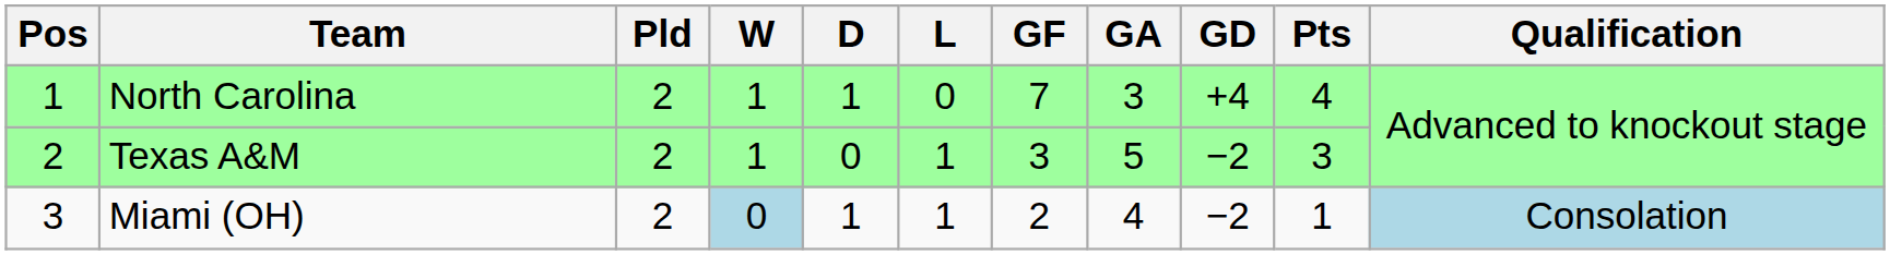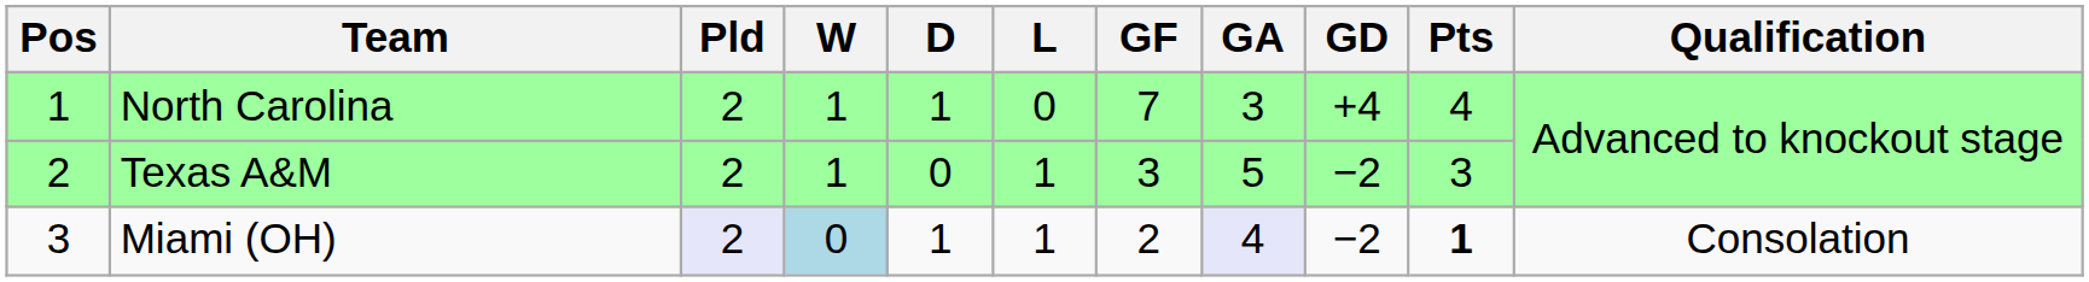 <table class="wikitable" style="text-align:center; margin: 1em auto">
 <tr>
 <th style="width:2em">Pos</th>
 <th style="width:13em">Team</th>
 <th style="width:2em">Pld</th>
 <th style="width:2em">W</th>
 <th style="width:2em">D</th>
 <th style="width:2em">L</th>
 <th style="width:2em">GF</th>
 <th style="width:2em">GA</th>
 <th style="width:2em">GD</th>
 <th style="width:2em">Pts</th>
 <th style="width:13em">Qualification</th>
 </tr>
 <tr bgcolor="#9eff9e">
 <td>1</td>
 <td style="text-align:left">North Carolina</td>
 <td>2</td>
 <td>1</td>
 <td>1</td>
 <td>0</td>
 <td>7</td>
 <td>3</td>
 <td>+4</td>
 <td>4</td>
 <td rowspan="2">Advanced to knockout stage</td>
 </tr>
 <tr bgcolor="#9eff9e">
 <td>2</td>
 <td style="text-align:left">Texas A&M</td>
 <td>2</td>
 <td>1</td>
 <td>0</td>
 <td>1</td>
 <td>3</td>
 <td>5</td>
 <td>−2</td>
 <td>3</td>
 </tr>
 <tr>
 <td>3</td>
 <td style="text-align:left">Miami (OH)</td>
-<td>2</td>
+<td style="background: lavender;">2</td>
 <td style="background: lightblue;">0</td>
 <td>1</td>
 <td>1</td>
 <td>2</td>
-<td>4</td>
+<td style="background: lavender;">4</td>
 <td>−2</td>
-<td>1</td>
-<td style="background: lightblue;">Consolation</td>
+<td><strong>1</strong></td>
+<td>Consolation</td>
 </tr>
 </table>
